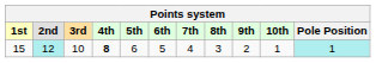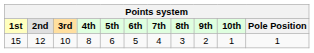 <table class="wikitable" style="font-size: 85%; text-align: center;">
 <tr>
 <th colspan=19>Points system</th>
 </tr>
 <tr>
 <td style="background:#ffffbf;"> <strong>1st</strong> </td>
 <td style="background:#dfdfdf;"> <strong>2nd</strong> </td>
 <td style="background:#ffdf9f;"> <strong>3rd</strong> </td>
 <td style="background:#dfffdf;"> <strong>4th</strong> </td>
 <td style="background:#dfffdf;"> <strong>5th</strong> </td>
 <td style="background:#dfffdf;"> <strong>6th</strong> </td>
 <td style="background:#dfffdf;"> <strong>7th</strong> </td>
 <td style="background:#dfffdf;"> <strong>8th</strong> </td>
 <td style="background:#dfffdf;"> <strong>9th</strong> </td>
 <td style="background:#dfffdf;"> <strong>10th</strong> </td>
 <th>Pole Position</th>
 </tr>
 <tr>
 <td>15</td>
-<td style="background: paleturquoise;">12</td>
+<td>12</td>
 <td>10</td>
-<td><strong>8</strong></td>
+<td>8</td>
 <td>6</td>
 <td>5</td>
 <td>4</td>
 <td>3</td>
 <td>2</td>
 <td>1</td>
-<td style="background: paleturquoise;">1</td>
+<td>1</td>
 </tr>
 </table>
